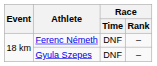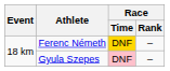 <table class="wikitable" border="1" style="font-size:90%">
 <tr>
 <th rowspan=2>Event</th>
 <th rowspan=2>Athlete</th>
 <th colspan=2>Race</th>
 </tr>
 <tr>
 <th>Time</th>
 <th>Rank</th>
 </tr>
 <tr>
 <td rowspan=2>18 km</td>
 <td><a href='#'>Ferenc Németh</a></td>
-<td align=center>DNF</td>
+<td align=center style="background: gold;">DNF</td>
 <td align=center>–</td>
 </tr>
 <tr>
 <td><a href='#'>Gyula Szepes</a></td>
-<td align=center>DNF</td>
+<td align=center style="background: pink;">DNF</td>
 <td align=center>–</td>
 </tr>
 </table>
